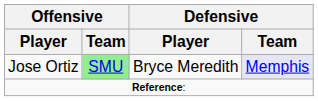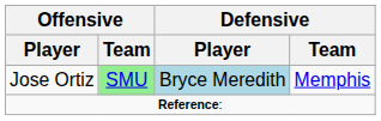 <table class="wikitable" style="text-align: center;">
 <tr>
 <th colspan="2">Offensive</th>
 <th colspan="2">Defensive</th>
 </tr>
 <tr>
 <th>Player</th>
 <th>Team</th>
 <th>Player</th>
 <th>Team</th>
 </tr>
 <tr>
 <td>Jose Ortiz</td>
 <td style="background: lightgreen;"><a href='#'>SMU</a></td>
-<td>Bryce Meredith</td>
-<td style="background: lavender;"><a href='#'>Memphis</a></td>
+<td style="background: lightblue;">Bryce Meredith</td>
+<td><a href='#'>Memphis</a></td>
 </tr>
 <tr>
 <td colspan="4"  style="font-size:8pt; text-align:center;"><strong>Reference</strong>:</td>
 </tr>
 </table>
